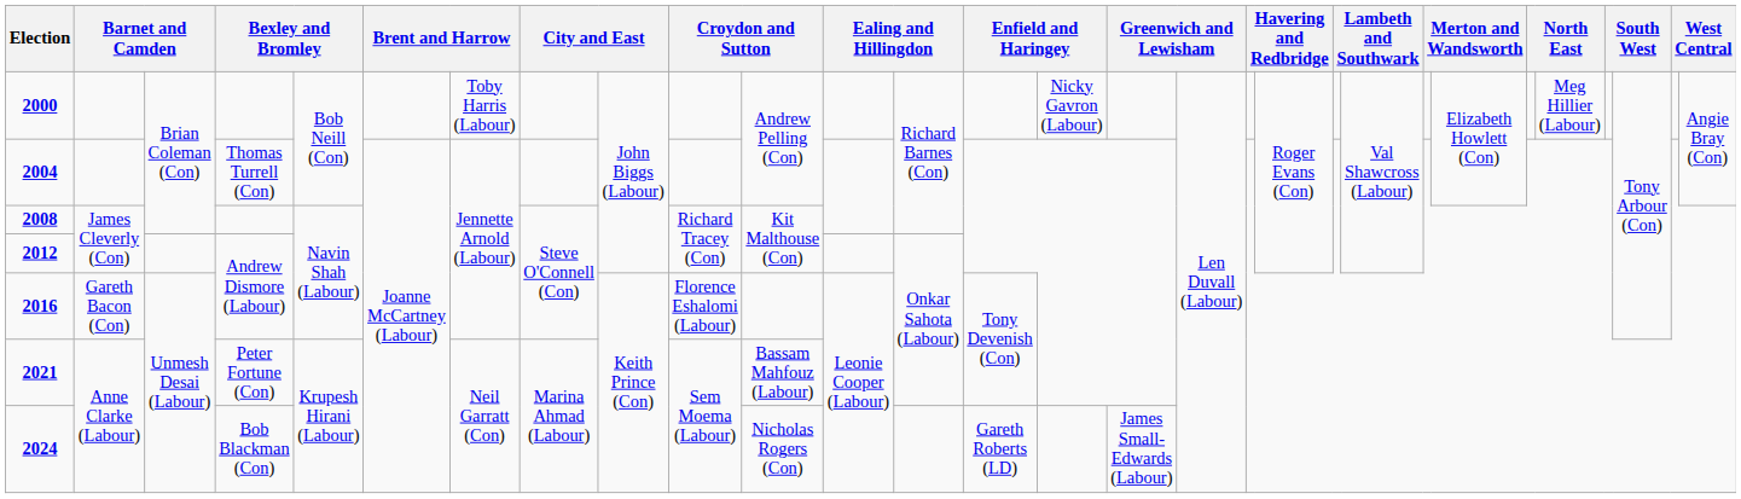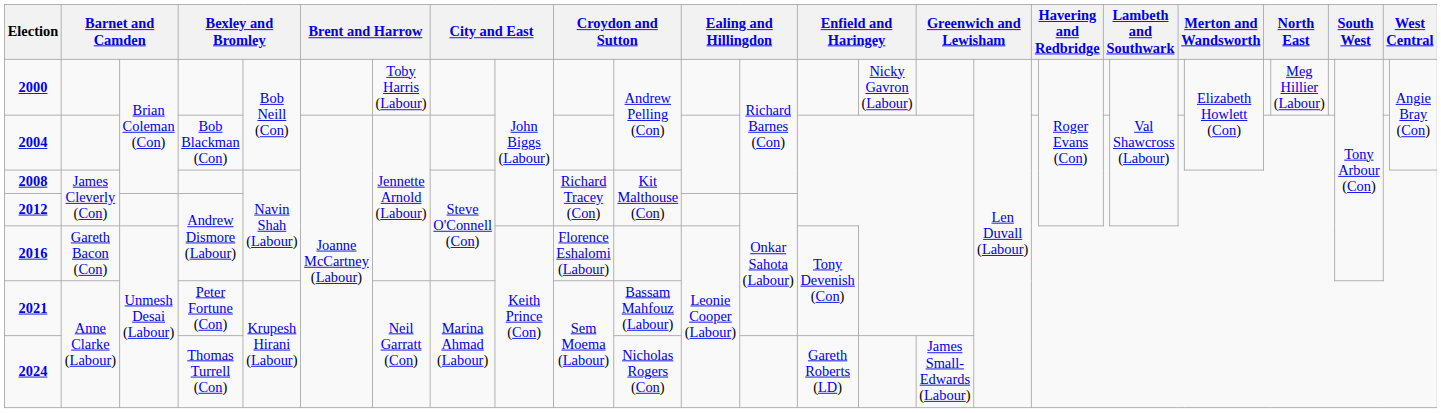 <table class="wikitable" style="text-align:center">
 <tr>
 <th>Election</th>
 <th colspan="2"><a href='#'>Barnet and Camden</a></th>
 <th colspan="2"><a href='#'>Bexley and Bromley</a></th>
 <th colspan="2"><a href='#'>Brent and Harrow</a></th>
 <th colspan="2"><a href='#'>City and East</a></th>
 <th colspan="2"><a href='#'>Croydon and Sutton</a></th>
 <th colspan="2"><a href='#'>Ealing and Hillingdon</a></th>
 <th colspan="2"><a href='#'>Enfield and Haringey</a></th>
 <th colspan="2"><a href='#'>Greenwich and Lewisham</a></th>
 <th colspan="2"><a href='#'>Havering and Redbridge</a></th>
 <th colspan="2"><a href='#'>Lambeth and Southwark</a></th>
 <th colspan="2"><a href='#'>Merton and Wandsworth</a></th>
 <th colspan="2"><a href='#'>North East</a></th>
 <th colspan="2"><a href='#'>South West</a></th>
 <th colspan="2"><a href='#'>West Central</a></th>
 </tr>
 <tr>
 <td><strong><a href='#'>2000</a></strong></td>
 <td style="background:"></td>
 <td rowspan="3"><a href='#'>Brian Coleman</a><br>(<a href='#'>Con</a>)</td>
 <td style="background:"></td>
 <td rowspan="2"><a href='#'>Bob Neill</a><br>(<a href='#'>Con</a>)</td>
 <td style="background:"></td>
 <td rowspan="1"><a href='#'>Toby Harris</a><br>(<a href='#'>Labour</a>)</td>
 <td style="background:"></td>
 <td rowspan="4"><a href='#'>John Biggs</a><br>(<a href='#'>Labour</a>)</td>
 <td style="background:"></td>
 <td rowspan="2"><a href='#'>Andrew Pelling</a><br>(<a href='#'>Con</a>)</td>
 <td style="background:"></td>
 <td rowspan="3"><a href='#'>Richard Barnes</a><br>(<a href='#'>Con</a>)</td>
 <td style="background:"></td>
 <td rowspan="1"><a href='#'>Nicky Gavron</a><br>(<a href='#'>Labour</a>)</td>
 <td style="background:"></td>
 <td rowspan="7"><a href='#'>Len Duvall</a><br>(<a href='#'>Labour</a>)</td>
 <td style="background:"></td>
 <td rowspan="4"><a href='#'>Roger Evans</a><br>(<a href='#'>Con</a>)</td>
 <td style="background:"></td>
 <td rowspan="4"><a href='#'>Val Shawcross</a><br>(<a href='#'>Labour</a>)</td>
 <td style="background:"></td>
 <td rowspan="2"><a href='#'>Elizabeth Howlett</a><br>(<a href='#'>Con</a>)</td>
 <td style="background:"></td>
 <td rowspan="1"><a href='#'>Meg Hillier</a><br>(<a href='#'>Labour</a>)</td>
 <td style="background:"></td>
 <td rowspan="5"><a href='#'>Tony Arbour</a><br>(<a href='#'>Con</a>)</td>
 <td style="background:"></td>
 <td rowspan="2"><a href='#'>Angie Bray</a><br>(<a href='#'>Con</a>)</td>
 </tr>
 <tr>
 <td><strong><a href='#'>2004</a></strong></td>
 <td style="background:"></td>
-<td rowspan="1"><a href='#'>Thomas Turrell</a><br>(<a href='#'>Con</a>)</td>
+<td rowspan="1"><a href='#'>Bob Blackman</a><br>(<a href='#'>Con</a>)</td>
 <td rowspan="6"><a href='#'>Joanne McCartney</a><br>(<a href='#'>Labour</a>)</td>
 <td rowspan="4"><a href='#'>Jennette Arnold</a><br>(<a href='#'>Labour</a>)</td>
 </tr>
 <tr>
 <td><strong><a href='#'>2008</a></strong></td>
 <td rowspan="2"><a href='#'>James Cleverly</a><br>(<a href='#'>Con</a>)</td>
 <td style="background:"></td>
 <td rowspan="3"><a href='#'>Navin Shah</a><br>(<a href='#'>Labour</a>)</td>
 <td rowspan="3"><a href='#'>Steve O'Connell</a><br>(<a href='#'>Con</a>)</td>
 <td rowspan="2"><a href='#'>Richard Tracey</a><br>(<a href='#'>Con</a>)</td>
 <td rowspan="2"><a href='#'>Kit Malthouse</a><br>(<a href='#'>Con</a>)</td>
 </tr>
 <tr>
 <td><strong><a href='#'>2012</a></strong></td>
 <td style="background:"></td>
 <td rowspan="2"><a href='#'>Andrew Dismore</a><br>(<a href='#'>Labour</a>)</td>
 <td style="background:"></td>
 <td rowspan="3"><a href='#'>Onkar Sahota</a><br>(<a href='#'>Labour</a>)</td>
 </tr>
 <tr>
 <td><strong><a href='#'>2016</a></strong></td>
 <td rowspan="1"><a href='#'>Gareth Bacon</a><br>(<a href='#'>Con</a>)</td>
 <td rowspan="3"><a href='#'>Unmesh Desai</a><br>(<a href='#'>Labour</a>)</td>
 <td rowspan="3"><a href='#'>Keith Prince</a><br>(<a href='#'>Con</a>)</td>
 <td rowspan="1"><a href='#'>Florence Eshalomi</a><br>(<a href='#'>Labour</a>)</td>
 <td style="background:"></td>
 <td rowspan="3"><a href='#'>Leonie Cooper</a><br>(<a href='#'>Labour</a>)</td>
 <td rowspan="2"><a href='#'>Tony Devenish</a><br>(<a href='#'>Con</a>)</td>
 </tr>
 <tr>
 <td><strong><a href='#'>2021</a></strong></td>
 <td rowspan="2"><a href='#'>Anne Clarke</a><br>(<a href='#'>Labour</a>)</td>
 <td rowspan="1"><a href='#'>Peter Fortune</a><br>(<a href='#'>Con</a>)</td>
 <td rowspan="2"><a href='#'>Krupesh Hirani</a><br>(<a href='#'>Labour</a>)</td>
 <td rowspan="2"><a href='#'>Neil Garratt</a><br>(<a href='#'>Con</a>)</td>
 <td rowspan="2"><a href='#'>Marina Ahmad</a><br>(<a href='#'>Labour</a>)</td>
 <td rowspan="2"><a href='#'>Sem Moema</a><br>(<a href='#'>Labour</a>)</td>
 <td rowspan="1"><a href='#'>Bassam Mahfouz</a><br>(<a href='#'>Labour</a>)</td>
 </tr>
 <tr>
 <td><strong><a href='#'>2024</a></strong></td>
-<td rowspan="1"><a href='#'>Bob Blackman</a><br>(<a href='#'>Con</a>)</td>
+<td rowspan="1"><a href='#'>Thomas Turrell</a><br>(<a href='#'>Con</a>)</td>
 <td rowspan="1"><a href='#'>Nicholas Rogers</a><br>(<a href='#'>Con</a>)</td>
 <td style="background:"></td>
 <td rowspan="1"><a href='#'>Gareth Roberts</a><br>(<a href='#'>LD</a>)</td>
 <td style="background:"></td>
 <td rowspan="1"><a href='#'>James Small-Edwards</a><br>(<a href='#'>Labour</a>)</td>
 </tr>
 </table>
